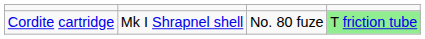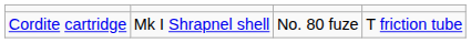 <table class="wikitable">
 <tr>
 <td></td>
 <td></td>
 <td></td>
 <td></td>
 </tr>
 <tr style="text-align:center;">
 <td><a href='#'>Cordite</a> <a href='#'>cartridge</a></td>
 <td>Mk I <a href='#'>Shrapnel shell</a></td>
 <td>No. 80 fuze</td>
-<td style="background: lightgreen;">T <a href='#'>friction tube</a></td>
+<td>T <a href='#'>friction tube</a></td>
 </tr>
 </table>
